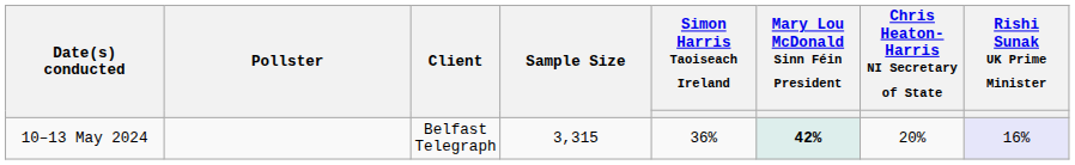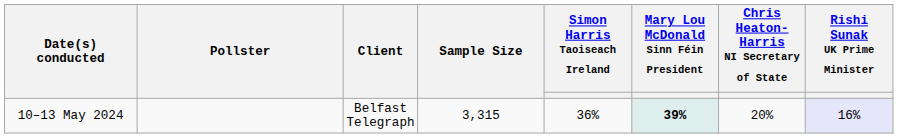 <table class="wikitable collapsible sortable mw-datatable" style="text-align:center;font-size:95%;line-height:14px;">
 <tr>
 <th style="width:125px;" rowspan="2">Date(s)<br>conducted</th>
 <th style="width:200px;" rowspan="2">Pollster</th>
 <th style="width:60px;" rowspan="2">Client</th>
 <th style="width:120px;" rowspan="2">Sample Size</th>
 <th class="unsortable" style="width:80px;"><a href='#'>Simon Harris</a> <br> <sup>Taoiseach Ireland</sup></th>
 <th class="unsortable" style="width: 80px;"><a href='#'>Mary Lou McDonald</a> <br> <sup>Sinn Féin President</sup></th>
 <th class="unsortable" style="width:80px;"><a href='#'>Chris Heaton-Harris</a><br> <sup>NI Secretary of State</sup></th>
 <th class="unsortable" style="width:80px;"><a href='#'>Rishi Sunak</a><br> <sup>UK Prime Minister</sup></th>
 </tr>
 <tr>
 <th data-sort-type="number" style="background:"></th>
 <th data-sort-type="number" style="background:"></th>
 <th data-sort-type="number" style="background:"></th>
 <th data-sort-type="number" style="background:"></th>
 </tr>
 <tr>
 <td>10–13 May 2024</td>
 <td></td>
 <td>Belfast Telegraph</td>
 <td>3,315</td>
 <td>36%</td>
-<td style="background:#DDEEEC;"><strong>42%</strong></td>
+<td style="background:#DDEEEC;"><strong>39%</strong></td>
 <td>20%</td>
 <td style="background: lavender;">16%</td>
 </tr>
 </table>
